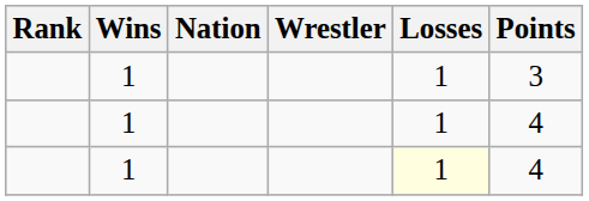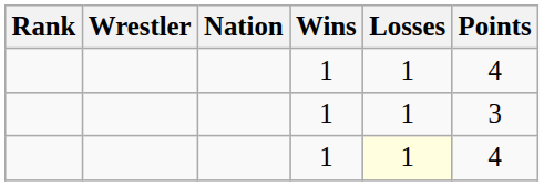 <table class="wikitable sortable" style="text-align:center;">
 <tr>
 <th>Rank</th>
+<th>Wrestler</th>
+<th>Nation</th>
 <th>Wins</th>
-<th>Nation</th>
-<th>Wrestler</th>
 <th>Losses</th>
 <th>Points</th>
 </tr>
 <tr>
 <td></td>
-<td>1</td>
 <td align=left></td>
 <td align=left></td>
+<td>1</td>
+<td>1</td>
+<td>4</td>
+</tr>
+<tr>
+<td></td>
+<td align=left></td>
+<td align=left></td>
+<td>1</td>
 <td>1</td>
 <td>3</td>
 </tr>
 <tr>
 <td></td>
-<td>1</td>
 <td align=left></td>
 <td align=left></td>
 <td>1</td>
-<td>4</td>
-</tr>
-<tr>
-<td></td>
-<td>1</td>
-<td align=left></td>
-<td align=left></td>
 <td style="background: lightyellow;">1</td>
 <td>4</td>
 </tr>
 </table>
